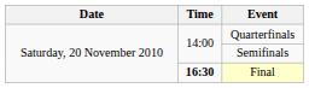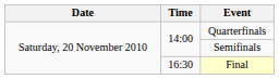 <table class = "wikitable" style="text-align:center;">
 <tr>
 <th width=220>Date</th>
 <th width=50>Time</th>
 <th width=100>Event</th>
 </tr>
 <tr>
 <td rowspan=3>Saturday, 20 November 2010</td>
 <td rowspan=2>14:00</td>
 <td>Quarterfinals</td>
 </tr>
 <tr>
 <td>Semifinals</td>
 </tr>
 <tr>
-<td><strong>16:30</strong></td>
+<td>16:30</td>
 <td bgcolor=ffffcc>Final</td>
 </tr>
 </table>
